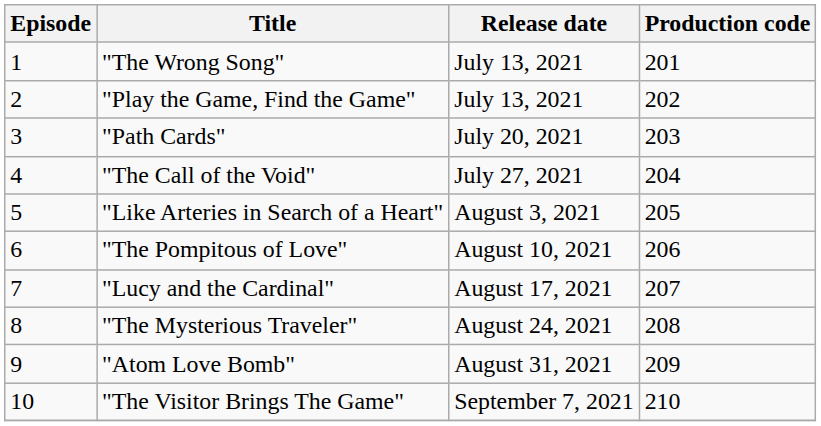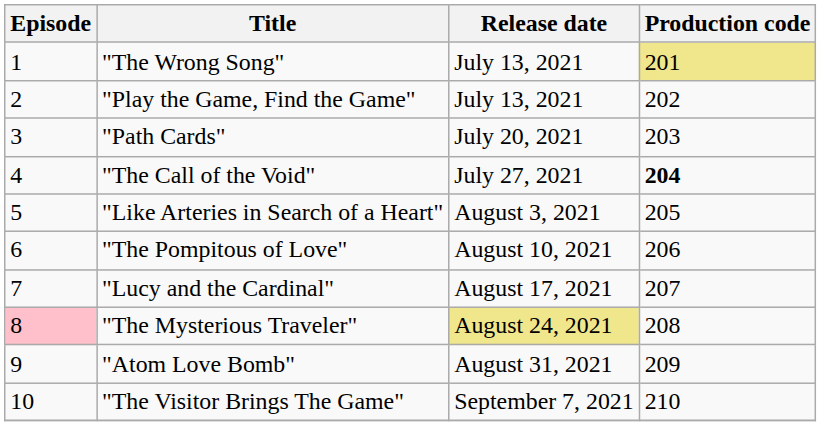 <table class="wikitable">
 <tr>
 <th>Episode</th>
 <th>Title</th>
 <th>Release date</th>
 <th>Production code</th>
 </tr>
 <tr>
 <td>1</td>
 <td>"The Wrong Song"</td>
 <td>July 13, 2021</td>
-<td>201</td>
+<td style="background: khaki;">201</td>
 </tr>
 <tr>
 <td>2</td>
 <td>"Play the Game, Find the Game"</td>
 <td>July 13, 2021</td>
 <td>202</td>
 </tr>
 <tr>
 <td>3</td>
 <td>"Path Cards"</td>
 <td>July 20, 2021</td>
 <td>203</td>
 </tr>
 <tr>
 <td>4</td>
 <td>"The Call of the Void"</td>
 <td>July 27, 2021</td>
-<td>204</td>
+<td><strong>204</strong></td>
 </tr>
 <tr>
 <td>5</td>
 <td>"Like Arteries in Search of a Heart"</td>
 <td>August 3, 2021</td>
 <td>205</td>
 </tr>
 <tr>
 <td>6</td>
 <td>"The Pompitous of Love"</td>
 <td>August 10, 2021</td>
 <td>206</td>
 </tr>
 <tr>
 <td>7</td>
 <td>"Lucy and the Cardinal"</td>
 <td>August 17, 2021</td>
 <td>207</td>
 </tr>
 <tr>
-<td>8</td>
+<td style="background: pink;">8</td>
 <td>"The Mysterious Traveler"</td>
-<td>August 24, 2021</td>
+<td style="background: khaki;">August 24, 2021</td>
 <td>208</td>
 </tr>
 <tr>
 <td>9</td>
 <td>"Atom Love Bomb"</td>
 <td>August 31, 2021</td>
 <td>209</td>
 </tr>
 <tr>
 <td>10</td>
 <td>"The Visitor Brings The Game"</td>
 <td>September 7, 2021</td>
 <td>210</td>
 </tr>
 <tr>
 </tr>
 </table>
